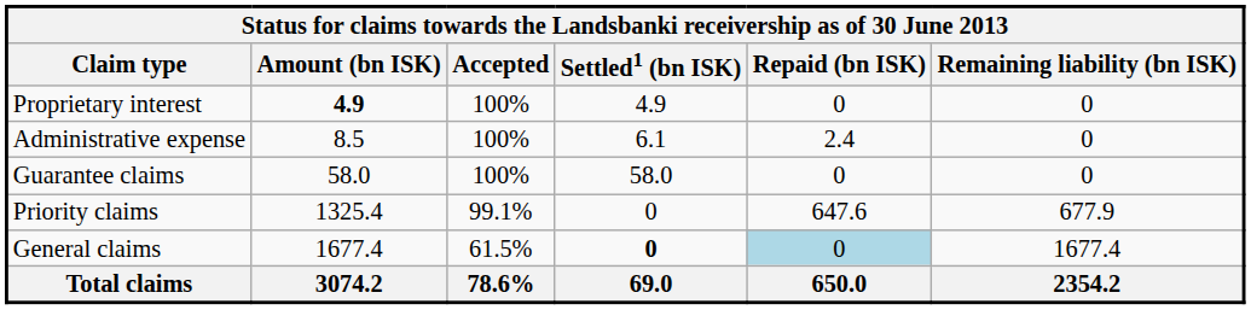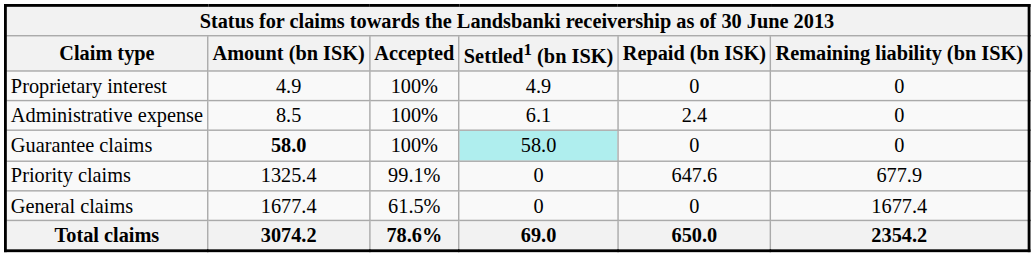 <table class="wikitable" style="border-collapse:collapse; font-size:90%; line-height:1.0; border:2px solid; text-align:center">
 <tr>
 <th colspan="6">Status for claims towards the Landsbanki receivership as of 30 June 2013</th>
 </tr>
 <tr>
 <th>Claim type</th>
 <th>Amount (bn ISK)</th>
 <th>Accepted</th>
 <th>Settled<sup>1</sup> (bn ISK)</th>
 <th>Repaid (bn ISK)</th>
 <th>Remaining liability (bn ISK)</th>
 </tr>
 <tr align=center>
 <td align=left>Proprietary interest</td>
-<td><strong>4.9</strong></td>
+<td>4.9</td>
 <td>100%</td>
 <td>4.9</td>
 <td>0</td>
 <td>0</td>
 </tr>
 <tr align=center>
 <td align=left>Administrative expense</td>
 <td>8.5</td>
 <td>100%</td>
 <td>6.1</td>
 <td>2.4</td>
 <td>0</td>
 </tr>
 <tr align=center>
 <td align=left>Guarantee claims</td>
-<td>58.0</td>
+<td><strong>58.0</strong></td>
 <td>100%</td>
-<td>58.0</td>
+<td style="background: paleturquoise;">58.0</td>
 <td>0</td>
 <td>0</td>
 </tr>
 <tr align=center>
 <td align=left>Priority claims</td>
 <td>1325.4</td>
 <td>99.1%</td>
 <td>0</td>
 <td>647.6</td>
 <td>677.9</td>
 </tr>
 <tr align=center>
 <td align=left>General claims</td>
 <td>1677.4</td>
 <td>61.5%</td>
-<td><strong>0</strong></td>
-<td style="background: lightblue;">0</td>
+<td>0</td>
+<td>0</td>
 <td>1677.4</td>
 </tr>
 <tr>
 <th>Total claims</th>
 <th>3074.2</th>
 <th>78.6%</th>
 <th>69.0</th>
 <th>650.0</th>
 <th>2354.2</th>
 </tr>
 </table>
